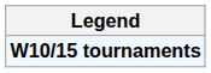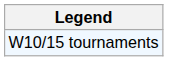 <table class="wikitable" style="font-size:85%">
 <tr>
 <th>Legend</th>
 </tr>
 <tr style="background:#f0f8ff;">
-<td><strong>W10/15 tournaments</strong></td>
+<td>W10/15 tournaments</td>
 </tr>
 </table>
